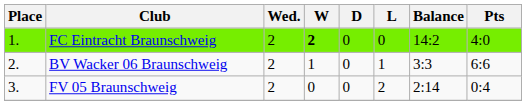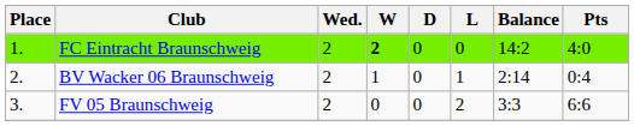 <table class="wikitable">
 <tr>
 <th width=30>Place</th>
 <th width=225>Club</th>
 <th width=30>Wed.</th>
 <th width=30>W</th>
 <th width=30>D</th>
 <th width=30>L</th>
 <th width=50>Balance</th>
 <th width=50>Pts</th>
 </tr>
 <tr bgcolor="#76EE00">
 <td>1.</td>
 <td align="left"><a href='#'>FC Eintracht Braunschweig</a></td>
 <td>2</td>
 <td><strong>2</strong></td>
 <td>0</td>
 <td>0</td>
 <td>14:2</td>
 <td>4:0</td>
 </tr>
 <tr>
 <td>2.</td>
 <td align="left"><a href='#'>BV Wacker 06 Braunschweig</a></td>
 <td>2</td>
 <td>1</td>
 <td>0</td>
 <td>1</td>
-<td>3:3</td>
-<td>6:6</td>
+<td>2:14</td>
+<td>0:4</td>
 </tr>
 <tr>
 <td>3.</td>
 <td align="left"><a href='#'>FV 05 Braunschweig</a></td>
 <td>2</td>
 <td>0</td>
 <td>0</td>
 <td>2</td>
-<td>2:14</td>
-<td>0:4</td>
+<td>3:3</td>
+<td>6:6</td>
 </tr>
 <tr>
 </tr>
 </table>
